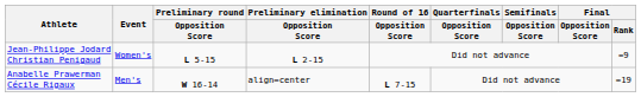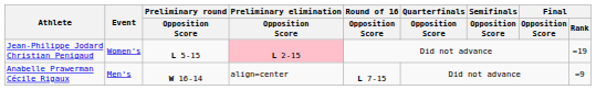 <table class=wikitable style="font-size:90%">
 <tr>
 <th rowspan="2">Athlete</th>
 <th rowspan="2">Event</th>
 <th>Preliminary round</th>
 <th>Preliminary elimination</th>
 <th>Round of 16</th>
 <th>Quarterfinals</th>
 <th>Semifinals</th>
 <th colspan=2>Final</th>
 </tr>
 <tr style="font-size:95%">
 <th>Opposition<br>Score</th>
 <th>Opposition<br>Score</th>
 <th>Opposition<br>Score</th>
 <th>Opposition<br>Score</th>
 <th>Opposition<br>Score</th>
 <th>Opposition<br>Score</th>
 <th>Rank</th>
 </tr>
 <tr align=center>
 <td align=left><a href='#'>Jean-Philippe Jodard</a><br><a href='#'>Christian Penigaud</a></td>
 <td align=left><a href='#'>Women's</a></td>
 <td align=center><br><strong>L</strong> 5-15</td>
-<td align=center><br><strong>L</strong> 2-15</td>
+<td align=center style="background: pink;"><br><strong>L</strong> 2-15</td>
 <td align=center colspan=4>Did not advance</td>
-<td align=center>=9</td>
+<td align=center>=19</td>
 </tr>
 <tr>
 <td align=left><a href='#'>Anabelle Prawerman</a><br> <a href='#'>Cécile Rigaux</a></td>
 <td align=left><a href='#'>Men's</a></td>
 <td align=center><br><strong>W</strong> 16-14</td>
 <td>align=center </td>
 <td align=center><br><strong>L</strong> 7-15</td>
 <td align=center colspan=3>Did not advance</td>
-<td align=center>=19</td>
+<td align=center>=9</td>
 </tr>
 </table>
